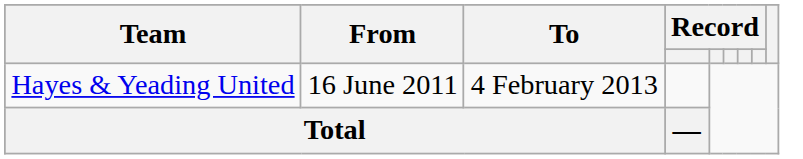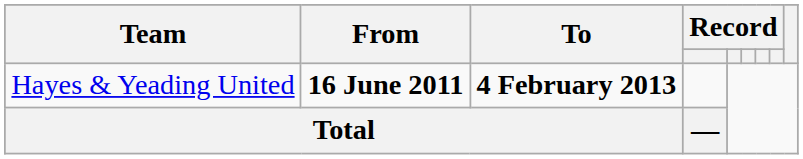 <table class=wikitable style="text-align: center">
 <tr>
 <th rowspan=2>Team</th>
 <th rowspan=2>From</th>
 <th rowspan=2>To</th>
 <th colspan=5>Record</th>
 <th rowspan=2></th>
 </tr>
 <tr>
 <th></th>
 <th></th>
 <th></th>
 <th></th>
 <th></th>
 </tr>
 <tr>
 <td align=left><a href='#'>Hayes & Yeading United</a></td>
-<td align=left>16 June 2011</td>
-<td align=left>4 February 2013<br></td>
+<td align=left><strong>16 June 2011</strong></td>
+<td align=left><strong>4 February 2013<br></strong></td>
 <td></td>
 </tr>
 <tr>
 <th colspan=3>Total<br></th>
 <th>—</th>
 </tr>
 </table>
